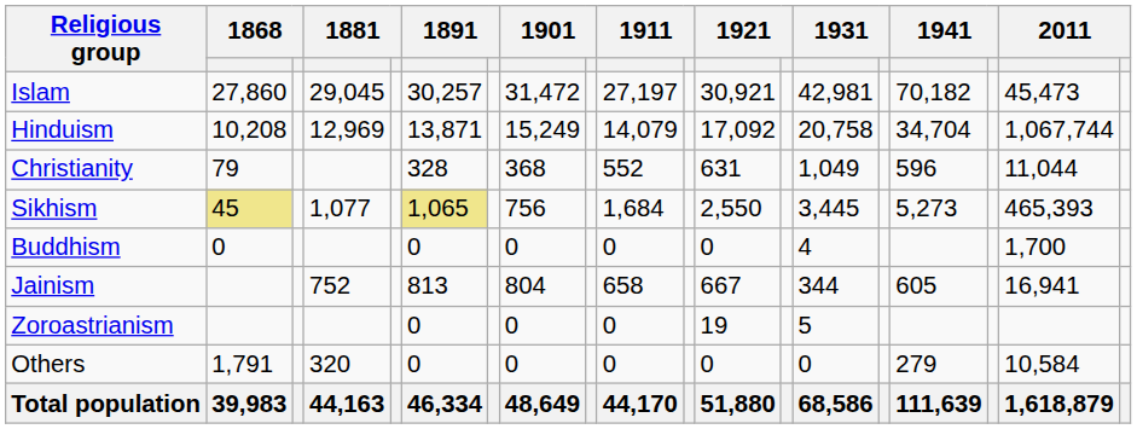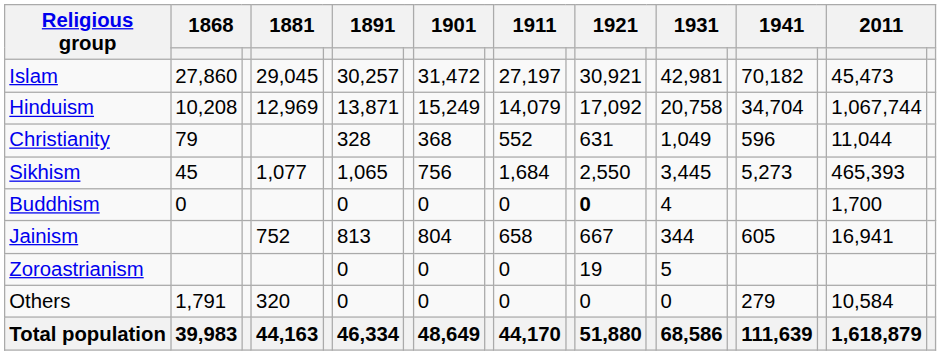 <table class="wikitable collapsible sortable">
 <tr>
 <th rowspan="2"><a href='#'>Religious</a><br>group</th>
 <th colspan="2">1868</th>
 <th colspan="2">1881</th>
 <th colspan="2">1891</th>
 <th colspan="2">1901</th>
 <th colspan="2">1911</th>
 <th colspan="2">1921</th>
 <th colspan="2">1931</th>
 <th colspan="2">1941</th>
 <th colspan="2">2011</th>
 </tr>
 <tr>
 <th><a href='#'></a></th>
 <th></th>
 <th></th>
 <th></th>
 <th></th>
 <th></th>
 <th></th>
 <th></th>
 <th></th>
 <th></th>
 <th></th>
 <th></th>
 <th></th>
 <th></th>
 <th></th>
 <th></th>
 <th></th>
 <th></th>
 </tr>
 <tr>
 <td><a href='#'>Islam</a> </td>
 <td>27,860</td>
 <td></td>
 <td>29,045</td>
 <td></td>
 <td>30,257</td>
 <td></td>
 <td>31,472</td>
 <td></td>
 <td>27,197</td>
 <td></td>
 <td>30,921</td>
 <td></td>
 <td>42,981</td>
 <td></td>
 <td>70,182</td>
 <td></td>
 <td>45,473</td>
 <td></td>
 </tr>
 <tr>
 <td><a href='#'>Hinduism</a> </td>
 <td>10,208</td>
 <td></td>
 <td>12,969</td>
 <td></td>
 <td>13,871</td>
 <td></td>
 <td>15,249</td>
 <td></td>
 <td>14,079</td>
 <td></td>
 <td>17,092</td>
 <td></td>
 <td>20,758</td>
 <td></td>
 <td>34,704</td>
 <td></td>
 <td>1,067,744</td>
 <td></td>
 </tr>
 <tr>
 <td><a href='#'>Christianity</a> </td>
 <td>79</td>
 <td></td>
 <td></td>
 <td></td>
 <td>328</td>
 <td></td>
 <td>368</td>
 <td></td>
 <td>552</td>
 <td></td>
 <td>631</td>
 <td></td>
 <td>1,049</td>
 <td></td>
 <td>596</td>
 <td></td>
 <td>11,044</td>
 <td></td>
 </tr>
 <tr>
 <td><a href='#'>Sikhism</a> </td>
-<td style="background: khaki;">45</td>
+<td>45</td>
 <td></td>
 <td>1,077</td>
 <td></td>
-<td style="background: khaki;">1,065</td>
+<td>1,065</td>
 <td></td>
 <td>756</td>
 <td></td>
 <td>1,684</td>
 <td></td>
 <td>2,550</td>
 <td></td>
 <td>3,445</td>
 <td></td>
 <td>5,273</td>
 <td></td>
 <td>465,393</td>
 <td></td>
 </tr>
 <tr>
 <td><a href='#'>Buddhism</a> </td>
 <td>0</td>
 <td></td>
 <td></td>
 <td></td>
 <td>0</td>
 <td></td>
 <td>0</td>
 <td></td>
 <td>0</td>
 <td></td>
-<td>0</td>
+<td><strong>0</strong></td>
 <td></td>
 <td>4</td>
 <td></td>
 <td></td>
 <td></td>
 <td>1,700</td>
 <td></td>
 </tr>
 <tr>
 <td><a href='#'>Jainism</a> </td>
 <td></td>
 <td></td>
 <td>752</td>
 <td></td>
 <td>813</td>
 <td></td>
 <td>804</td>
 <td></td>
 <td>658</td>
 <td></td>
 <td>667</td>
 <td></td>
 <td>344</td>
 <td></td>
 <td>605</td>
 <td></td>
 <td>16,941</td>
 <td></td>
 </tr>
 <tr>
 <td><a href='#'>Zoroastrianism</a> </td>
 <td></td>
 <td></td>
 <td></td>
 <td></td>
 <td>0</td>
 <td></td>
 <td>0</td>
 <td></td>
 <td>0</td>
 <td></td>
 <td>19</td>
 <td></td>
 <td>5</td>
 <td></td>
 <td></td>
 <td></td>
 <td></td>
 <td></td>
 </tr>
 <tr>
 <td>Others</td>
 <td>1,791</td>
 <td></td>
 <td>320</td>
 <td></td>
 <td>0</td>
 <td></td>
 <td>0</td>
 <td></td>
 <td>0</td>
 <td></td>
 <td>0</td>
 <td></td>
 <td>0</td>
 <td></td>
 <td>279</td>
 <td></td>
 <td>10,584</td>
 <td></td>
 </tr>
 <tr>
 <th>Total population</th>
 <th>39,983</th>
 <th></th>
 <th>44,163</th>
 <th></th>
 <th>46,334</th>
 <th></th>
 <th>48,649</th>
 <th></th>
 <th>44,170</th>
 <th></th>
 <th>51,880</th>
 <th></th>
 <th>68,586</th>
 <th></th>
 <th>111,639</th>
 <th></th>
 <th>1,618,879</th>
 <th></th>
 </tr>
 </table>
